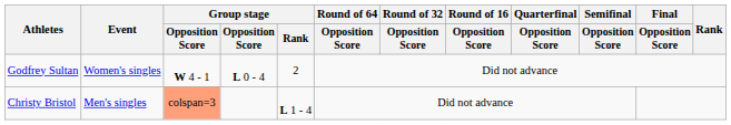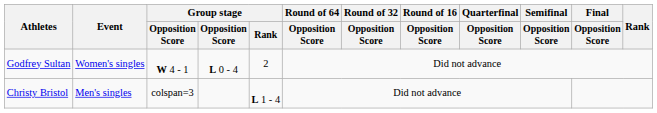 <table class="wikitable" style="font-size:90%">
 <tr>
 <th rowspan=2>Athletes</th>
 <th rowspan=2>Event</th>
 <th colspan=3>Group stage</th>
 <th>Round of 64</th>
 <th>Round of 32</th>
 <th>Round of 16</th>
 <th>Quarterfinal</th>
 <th>Semifinal</th>
 <th>Final</th>
 <th rowspan=2>Rank</th>
 </tr>
 <tr style="font-size:95%">
 <th>Opposition<br>Score</th>
 <th>Opposition<br>Score</th>
 <th>Rank</th>
 <th>Opposition<br>Score</th>
 <th>Opposition<br>Score</th>
 <th>Opposition<br>Score</th>
 <th>Opposition<br>Score</th>
 <th>Opposition<br>Score</th>
 <th>Opposition<br>Score</th>
 </tr>
 <tr align=center>
 <td align=left><a href='#'>Godfrey Sultan</a></td>
 <td align=left><a href='#'>Women's singles</a></td>
 <td><br><strong>W</strong> 4 - 1</td>
 <td><br><strong>L</strong> 0 - 4</td>
 <td>2</td>
 <td colspan=7>Did not advance</td>
 </tr>
 <tr align=center>
 <td align=left><a href='#'>Christy Bristol</a></td>
 <td align=left><a href='#'>Men's singles</a></td>
-<td style="background: lightsalmon;">colspan=3 </td>
+<td>colspan=3 </td>
 <td></td>
 <td><br><strong>L</strong> 1 - 4</td>
 <td colspan=5>Did not advance</td>
 </tr>
 </table>
